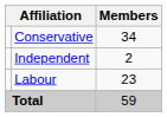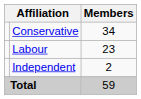 <table class="wikitable">
 <tr>
 <th colspan="2">Affiliation</th>
 <th>Members</th>
 </tr>
 <tr>
 <td></td>
 <td><a href='#'>Conservative</a></td>
 <td style="text-align:center;">34</td>
 </tr>
 <tr>
 <td></td>
-<td><a href='#'>Independent</a></td>
-<td style="text-align:center;">2</td>
+<td><a href='#'>Labour</a></td>
+<td style="text-align:center;">23</td>
 </tr>
 <tr>
 <td></td>
-<td><a href='#'>Labour</a></td>
-<td style="text-align:center;">23</td>
+<td><a href='#'>Independent</a></td>
+<td style="text-align:center;">2</td>
 </tr>
 <tr style="background:#ccc;">
 <td colspan="2"> <strong>Total</strong></td>
 <td style="text-align:center;">59</td>
 </tr>
 </table>
